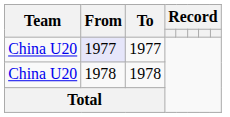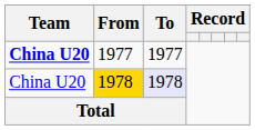 <table class=wikitable style="text-align:center">
 <tr>
 <th rowspan=2>Team</th>
 <th rowspan=2>From</th>
 <th rowspan=2>To</th>
 <th colspan=5>Record</th>
 </tr>
 <tr>
 <th></th>
 <th></th>
 <th></th>
 <th></th>
 <th></th>
 </tr>
 <tr>
-<td align=left><a href='#'>China U20</a></td>
-<td align=left style="background: lavender;">1977</td>
+<td align=left><strong><a href='#'>China U20</a></strong></td>
+<td align=left>1977</td>
 <td align=left>1977<br></td>
 </tr>
 <tr>
 <td align=left><a href='#'>China U20</a></td>
-<td align=left>1978</td>
-<td align=left>1978<br></td>
+<td align=left style="background: gold;">1978</td>
+<td align=left style="background: lavender;">1978<br></td>
 </tr>
 <tr>
 <th colspan=3>Total<br></th>
 </tr>
 </table>
